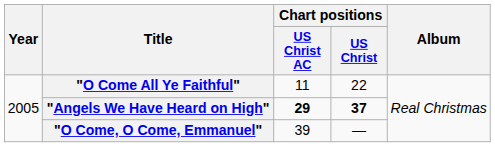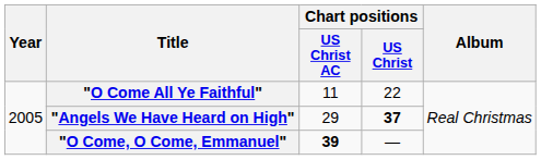 <table class="wikitable plainrowheaders" style=text-align:center;>
 <tr>
 <th scope="col" rowspan="2">Year</th>
 <th scope="col" rowspan="2" style="width:16em;">Title</th>
 <th scope="col" colspan="2">Chart positions</th>
 <th scope="col" rowspan="2">Album</th>
 </tr>
 <tr>
 <th style="width:4em;font-size:90%;"><a href='#'>US Christ AC</a></th>
 <th style="width:4em;font-size:90%;"><a href='#'>US Christ</a></th>
 </tr>
 <tr>
 <td rowspan="3">2005</td>
 <th scope="row">"<a href='#'>O Come All Ye Faithful</a>"</th>
 <td>11</td>
 <td>22</td>
 <td align="left" rowspan="3"><em>Real Christmas</em></td>
 </tr>
 <tr>
 <th scope="row">"<a href='#'>Angels We Have Heard on High</a>"</th>
-<td><strong>29</strong></td>
+<td>29</td>
 <td><strong>37</strong></td>
 </tr>
 <tr>
 <th scope="row">"<a href='#'>O Come, O Come, Emmanuel</a>"</th>
-<td>39</td>
+<td><strong>39</strong></td>
 <td>—</td>
 </tr>
 </table>
